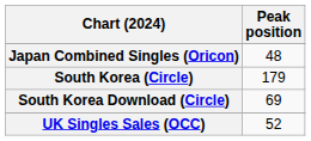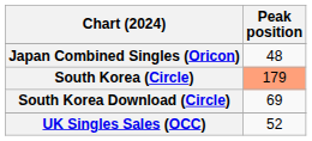 <table class="wikitable sortable plainrowheaders" style="text-align:center">
 <tr>
 <th scope="col">Chart (2024)</th>
 <th scope="col">Peak<br>position</th>
 </tr>
 <tr>
 </tr>
 <tr>
 <th scope="row">Japan Combined Singles (<a href='#'>Oricon</a>)</th>
 <td>48</td>
 </tr>
 <tr>
 <th scope="row">South Korea  (<a href='#'>Circle</a>)</th>
-<td>179</td>
+<td style="background: lightsalmon;">179</td>
 </tr>
 <tr>
 <th scope="row">South Korea Download (<a href='#'>Circle</a>)</th>
 <td>69</td>
 </tr>
 <tr>
 </tr>
 <tr>
 <th scope="row"><a href='#'>UK Singles Sales</a> (<a href='#'>OCC</a>)</th>
 <td>52</td>
 </tr>
 </table>
